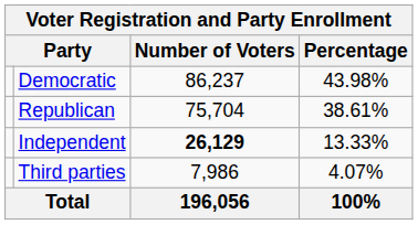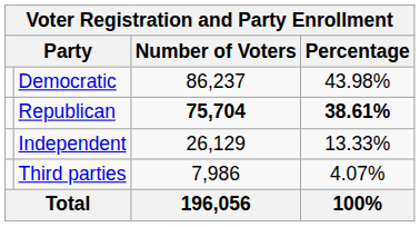 <table class=wikitable>
 <tr>
 <th colspan = 6>Voter Registration and Party Enrollment</th>
 </tr>
 <tr>
 <th colspan = 2>Party</th>
 <th>Number of Voters</th>
 <th>Percentage</th>
 </tr>
 <tr>
 <td></td>
 <td><a href='#'>Democratic</a></td>
 <td align = center>86,237</td>
 <td align = center>43.98%</td>
 </tr>
 <tr>
 <td></td>
 <td><a href='#'>Republican</a></td>
-<td align = center>75,704</td>
-<td align = center>38.61%</td>
+<td align = center><strong>75,704</strong></td>
+<td align = center><strong>38.61%</strong></td>
 </tr>
 <tr>
 <td></td>
 <td><a href='#'>Independent</a></td>
-<td align = center><strong>26,129</strong></td>
+<td align = center>26,129</td>
 <td align = center>13.33%</td>
 </tr>
 <tr>
 <td></td>
 <td><a href='#'>Third parties</a></td>
 <td align = center>7,986</td>
 <td align = center>4.07%</td>
 </tr>
 <tr>
 <th colspan = 2>Total</th>
 <th align = center>196,056</th>
 <th align = center>100%</th>
 </tr>
 </table>
